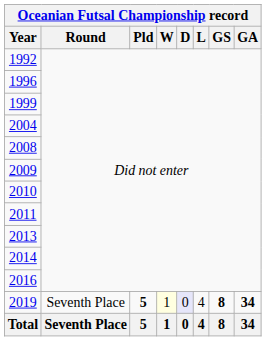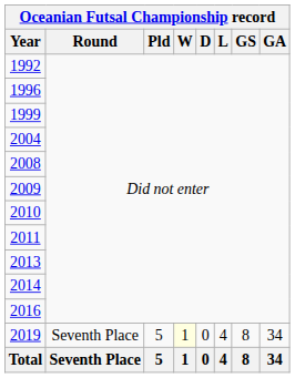 <table class="wikitable" style="text-align: center;">
 <tr>
 <th colspan=8><a href='#'>Oceanian Futsal Championship</a> record</th>
 </tr>
 <tr>
 <th>Year</th>
 <th>Round</th>
 <th>Pld</th>
 <th>W</th>
 <th>D</th>
 <th>L</th>
 <th>GS</th>
 <th>GA</th>
 </tr>
 <tr>
 <td> <a href='#'>1992</a></td>
 <td colspan=7 rowspan=11><em>Did not enter</em></td>
 </tr>
 <tr>
 <td> <a href='#'>1996</a></td>
 </tr>
 <tr>
 <td> <a href='#'>1999</a></td>
 </tr>
 <tr>
 <td> <a href='#'>2004</a></td>
 </tr>
 <tr>
 <td> <a href='#'>2008</a></td>
 </tr>
 <tr>
 <td> <a href='#'>2009</a></td>
 </tr>
 <tr>
 <td> <a href='#'>2010</a></td>
 </tr>
 <tr>
 <td> <a href='#'>2011</a></td>
 </tr>
 <tr>
 <td> <a href='#'>2013</a></td>
 </tr>
 <tr>
 <td> <a href='#'>2014</a></td>
 </tr>
 <tr>
 <td> <a href='#'>2016</a></td>
 </tr>
 <tr>
 <td> <a href='#'>2019</a></td>
 <td>Seventh Place</td>
-<td><strong>5</strong></td>
+<td>5</td>
 <td style="background: lightyellow;">1</td>
-<td style="background: lavender;">0</td>
+<td>0</td>
 <td>4</td>
-<td><strong>8</strong></td>
-<td><strong>34</strong></td>
+<td>8</td>
+<td>34</td>
 </tr>
 <tr>
 <th><strong>Total</strong></th>
 <th>Seventh Place</th>
 <th>5</th>
 <th>1</th>
 <th>0</th>
 <th>4</th>
 <th>8</th>
 <th>34</th>
 </tr>
 </table>
